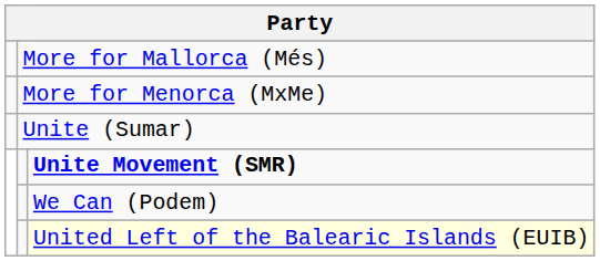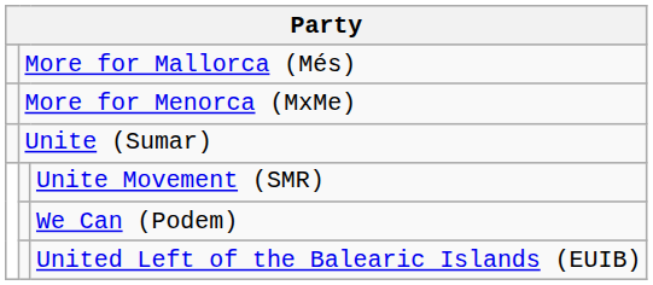 <table class="wikitable" style="text-align:left;">
 <tr>
 <th colspan="3">Party</th>
 </tr>
 <tr>
 <td width="1"></td>
 <td colspan="2"><a href='#'>More for Mallorca</a> (Més)</td>
 </tr>
 <tr>
 <td></td>
 <td colspan="2"><a href='#'>More for Menorca</a> (MxMe)</td>
 </tr>
 <tr>
 <td></td>
 <td colspan="2"><a href='#'>Unite</a> (Sumar)</td>
 </tr>
 <tr>
 <td rowspan="3" bgcolor="white"></td>
 <td></td>
-<td><strong><a href='#'>Unite Movement</a> (SMR)</strong></td>
+<td><a href='#'>Unite Movement</a> (SMR)</td>
 </tr>
 <tr>
 <td></td>
 <td colspan="2"><a href='#'>We Can</a> (Podem)</td>
 </tr>
 <tr>
 <td></td>
-<td style="background: lightyellow;"><a href='#'>United Left of the Balearic Islands</a> (EUIB)</td>
+<td><a href='#'>United Left of the Balearic Islands</a> (EUIB)</td>
 </tr>
 </table>
